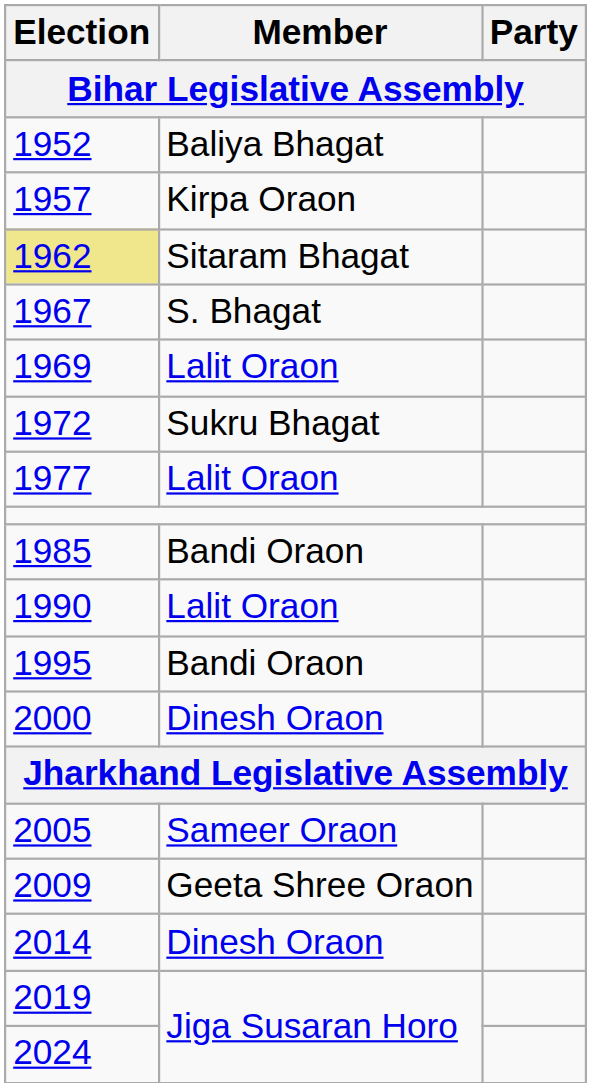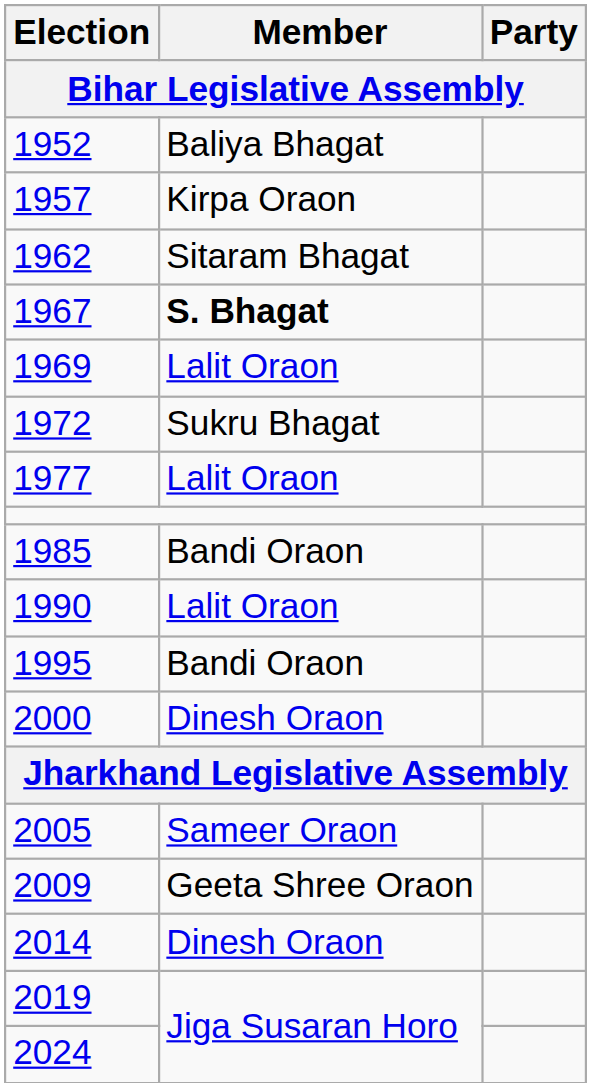 <table class="wikitable sortable">
 <tr>
 <th>Election</th>
 <th>Member</th>
 <th colspan=2>Party</th>
 </tr>
 <tr>
 <th colspan=4><a href='#'>Bihar Legislative Assembly</a></th>
 </tr>
 <tr>
 <td><a href='#'>1952</a></td>
 <td>Baliya Bhagat</td>
 <td></td>
 </tr>
 <tr>
 <td><a href='#'>1957</a></td>
 <td>Kirpa Oraon</td>
 </tr>
 <tr>
-<td style="background: khaki;"><a href='#'>1962</a></td>
+<td><a href='#'>1962</a></td>
 <td>Sitaram Bhagat</td>
 <td></td>
 </tr>
 <tr>
 <td><a href='#'>1967</a></td>
-<td>S. Bhagat</td>
+<td><strong>S. Bhagat</strong></td>
 <td></td>
 </tr>
 <tr>
 <td><a href='#'>1969</a></td>
 <td><a href='#'>Lalit Oraon</a></td>
 <td></td>
 </tr>
 <tr>
 <td><a href='#'>1972</a></td>
 <td>Sukru Bhagat</td>
 <td></td>
 </tr>
 <tr>
 <td><a href='#'>1977</a></td>
 <td><a href='#'>Lalit Oraon</a></td>
 <td></td>
 </tr>
 <tr>
 <td colspan="4"></td>
 </tr>
 <tr>
 <td><a href='#'>1985</a></td>
 <td>Bandi Oraon</td>
 <td></td>
 </tr>
 <tr>
 <td><a href='#'>1990</a></td>
 <td><a href='#'>Lalit Oraon</a></td>
 <td></td>
 </tr>
 <tr>
 <td><a href='#'>1995</a></td>
 <td>Bandi Oraon</td>
 <td></td>
 </tr>
 <tr>
 <td><a href='#'>2000</a></td>
 <td><a href='#'>Dinesh Oraon</a></td>
 <td></td>
 </tr>
 <tr>
 <th colspan=4><a href='#'>Jharkhand Legislative Assembly</a></th>
 </tr>
 <tr>
 <td><a href='#'>2005</a></td>
 <td><a href='#'>Sameer Oraon</a></td>
 <td></td>
 </tr>
 <tr>
 <td><a href='#'>2009</a></td>
 <td>Geeta Shree Oraon</td>
 <td></td>
 </tr>
 <tr>
 <td><a href='#'>2014</a></td>
 <td><a href='#'>Dinesh Oraon</a></td>
 <td></td>
 </tr>
 <tr>
 <td><a href='#'>2019</a></td>
 <td rowspan=2><a href='#'>Jiga Susaran Horo</a></td>
 <td></td>
 </tr>
 <tr>
 <td><a href='#'>2024</a></td>
 </tr>
 <tr>
 </tr>
 </table>
